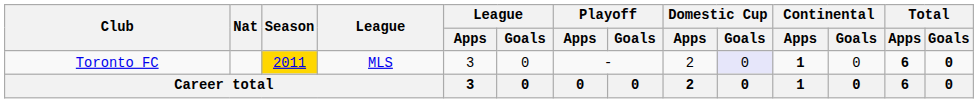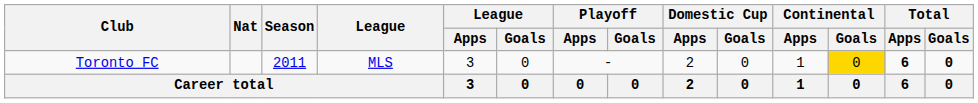 <table class="wikitable" style="font-size:90%; width: 65%; text-align: center;">
 <tr>
 <th rowspan=2 width=28%>Club</th>
 <th rowspan=2 width=2%>Nat</th>
 <th rowspan=2 width=5%>Season</th>
 <th rowspan=2 width=15%>League</th>
 <th colspan=2 width=10%>League</th>
 <th colspan=2 width=10%>Playoff</th>
 <th colspan=2 width=10%>Domestic Cup</th>
 <th colspan=2 width=10%>Continental</th>
 <th colspan=2 width=10%>Total</th>
 </tr>
 <tr>
 <th width=5%>Apps</th>
 <th width=5%>Goals</th>
 <th width=5%>Apps</th>
 <th width=5%>Goals</th>
 <th width=5%>Apps</th>
 <th width=5%>Goals</th>
 <th width=5%>Apps</th>
 <th width=5%>Goals</th>
 <th width=5%>Apps</th>
 <th width=5%>Goals</th>
 </tr>
 <tr>
 <td rowspan=1><a href='#'>Toronto FC</a></td>
 <td rowspan=1></td>
-<td style="background: gold;"><a href='#'>2011</a></td>
+<td><a href='#'>2011</a></td>
 <td rowspan=1><a href='#'>MLS</a></td>
 <td>3</td>
 <td>0</td>
 <td colspan=2>-</td>
 <td>2</td>
-<td style="background: lavender;">0</td>
-<td><strong>1</strong></td>
 <td>0</td>
+<td>1</td>
+<td style="background: gold;">0</td>
 <td><strong>6</strong></td>
 <td><strong>0</strong></td>
 </tr>
 <tr>
 <th colspan=4 width=40%>Career total</th>
 <th width=6%><strong>3</strong></th>
 <th width=6%><strong>0</strong></th>
 <th width=6%><strong>0</strong></th>
 <th width=6%><strong>0</strong></th>
 <th width=6%><strong>2</strong></th>
 <th width=6%><strong>0</strong></th>
 <th width=6%><strong>1</strong></th>
 <th width=6%><strong>0</strong></th>
 <th width=6%><strong>6</strong></th>
 <th width=6%><strong>0</strong></th>
 </tr>
 </table>
